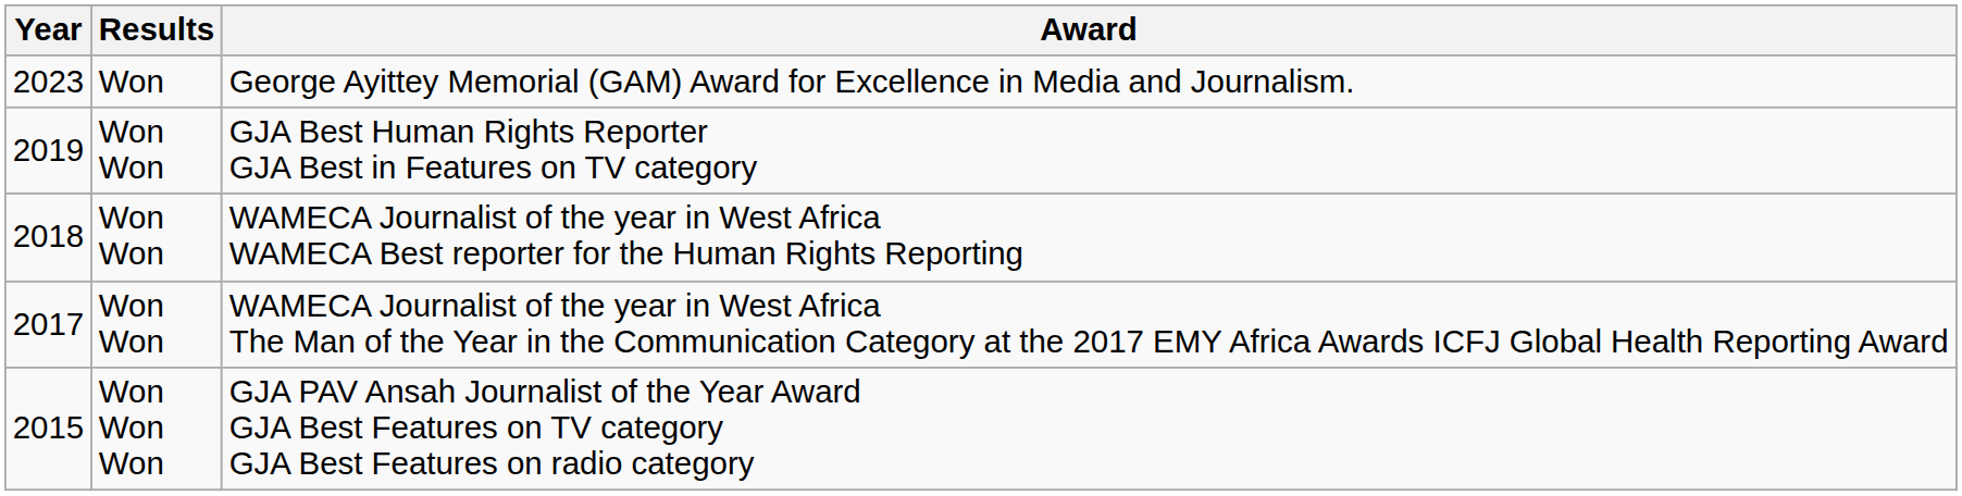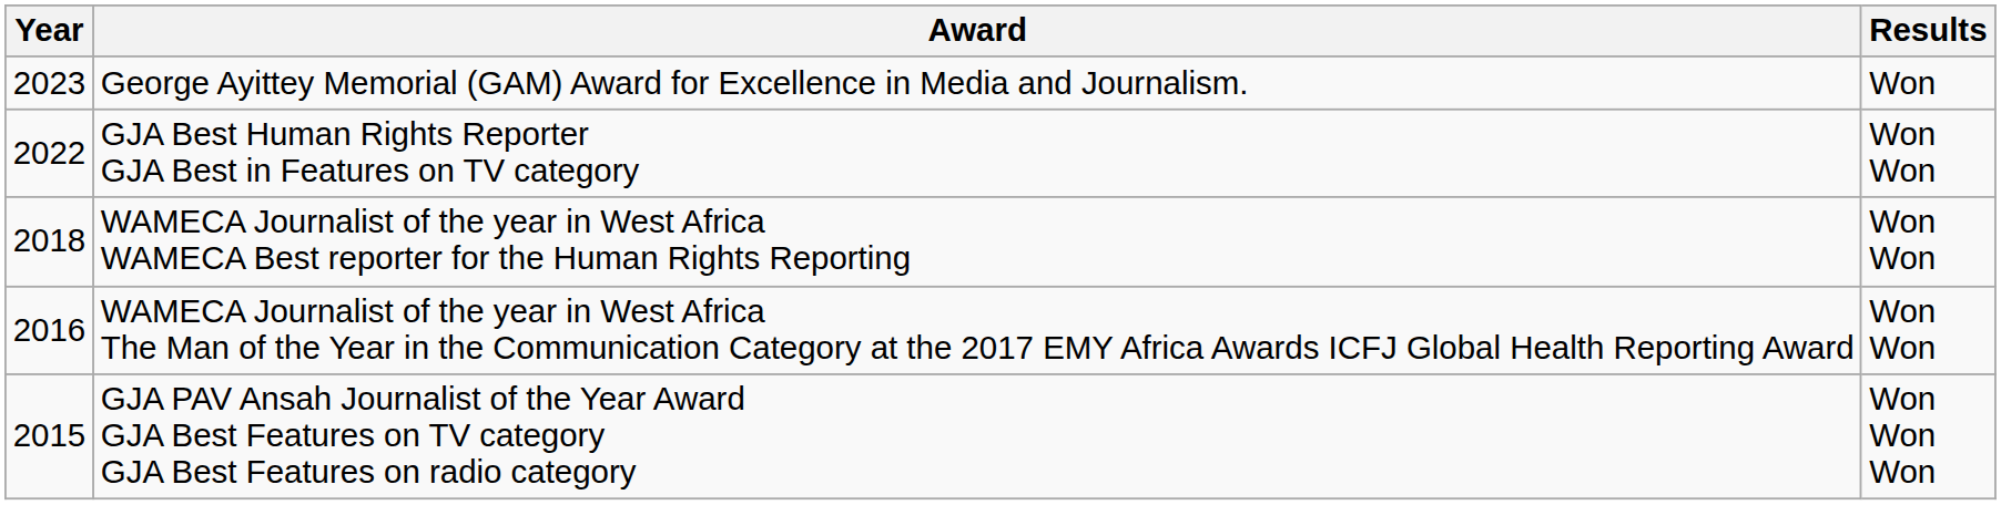 <table class="wikitable">
 <tr>
 <th>Year</th>
+<th>Award</th>
 <th>Results</th>
-<th>Award</th>
 </tr>
 <tr>
 <td>2023</td>
+<td>George Ayittey Memorial (GAM) Award for Excellence in Media and Journalism.</td>
 <td>Won</td>
-<td>George Ayittey Memorial (GAM) Award for Excellence in Media and Journalism.</td>
 </tr>
 <tr>
-<td>2019</td>
+<td>2022</td>
+<td>GJA Best Human Rights Reporter<br>GJA Best in Features on TV category</td>
 <td>Won<br>Won</td>
-<td>GJA Best Human Rights Reporter<br>GJA Best in Features on TV category</td>
 </tr>
 <tr>
 <td>2018</td>
+<td>WAMECA Journalist of the year in West Africa<br>WAMECA Best reporter for the Human Rights Reporting</td>
 <td>Won<br>Won</td>
-<td>WAMECA Journalist of the year in West Africa<br>WAMECA Best reporter for the Human Rights Reporting</td>
 </tr>
 <tr>
-<td>2017</td>
+<td>2016</td>
+<td>WAMECA Journalist of the year in West Africa<br>The Man of the Year in the Communication Category at the 2017 EMY Africa Awards ICFJ Global Health Reporting Award</td>
 <td>Won<br>Won</td>
-<td>WAMECA Journalist of the year in West Africa<br>The Man of the Year in the Communication Category at the 2017 EMY Africa Awards ICFJ Global Health Reporting Award</td>
 </tr>
 <tr>
 <td>2015</td>
+<td>GJA PAV Ansah Journalist of the Year Award<br>GJA Best Features on TV category<br>GJA Best Features on radio category</td>
 <td>Won<br>Won<br>Won</td>
-<td>GJA PAV Ansah Journalist of the Year Award<br>GJA Best Features on TV category<br>GJA Best Features on radio category</td>
 </tr>
 </table>
